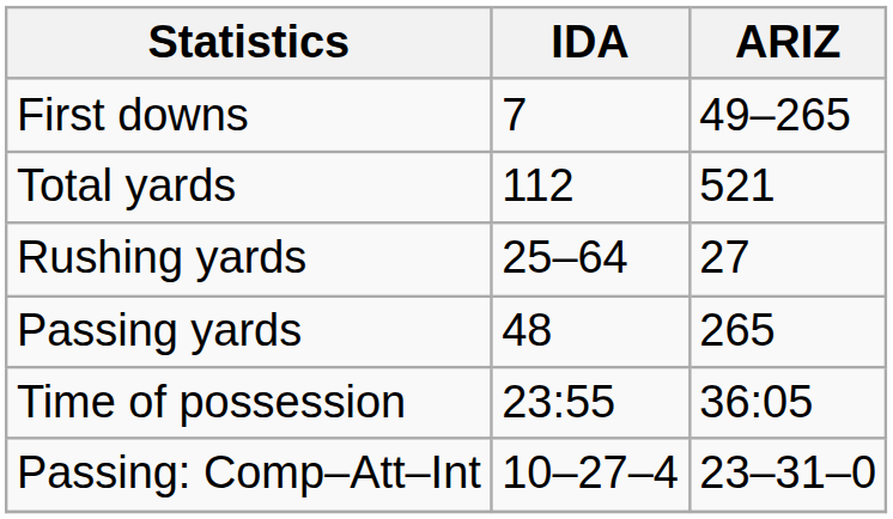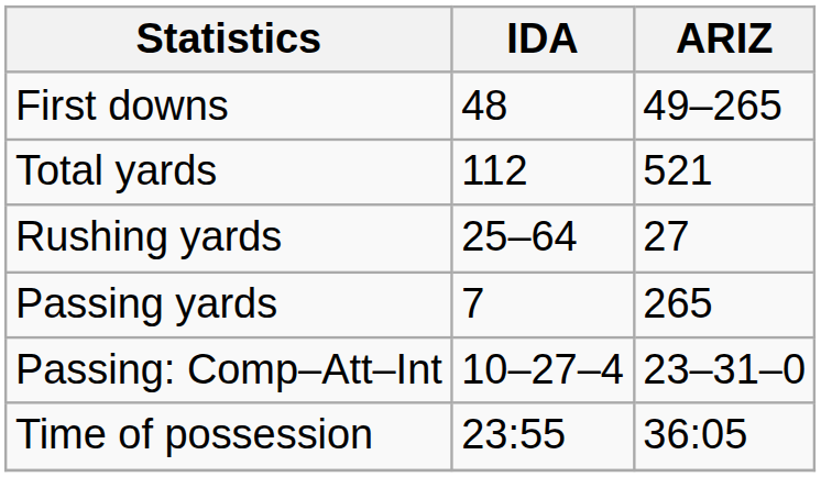 <table class="wikitable" style="float: left;">
 <tr>
 <th>Statistics</th>
 <th>IDA</th>
 <th>ARIZ</th>
 </tr>
 <tr>
 <td>First downs</td>
-<td>7</td>
+<td>48</td>
 <td>49–265</td>
 </tr>
 <tr>
 <td>Total yards</td>
 <td>112</td>
 <td>521</td>
 </tr>
 <tr>
 <td>Rushing yards</td>
 <td>25–64</td>
 <td>27</td>
 </tr>
 <tr>
 <td>Passing yards</td>
-<td>48</td>
+<td>7</td>
 <td>265</td>
+</tr>
+<tr>
+<td>Passing: Comp–Att–Int</td>
+<td>10–27–4</td>
+<td>23–31–0</td>
 </tr>
 <tr>
 <td>Time of possession</td>
 <td>23:55</td>
 <td>36:05</td>
 </tr>
 <tr>
-<td>Passing: Comp–Att–Int</td>
-<td>10–27–4</td>
-<td>23–31–0</td>
-</tr>
-<tr>
 </tr>
 </table>
